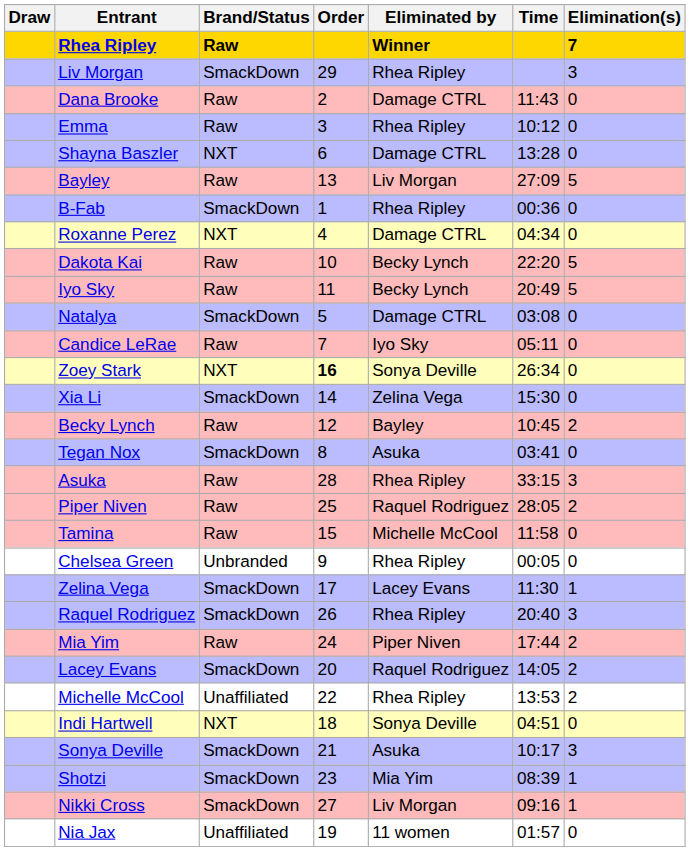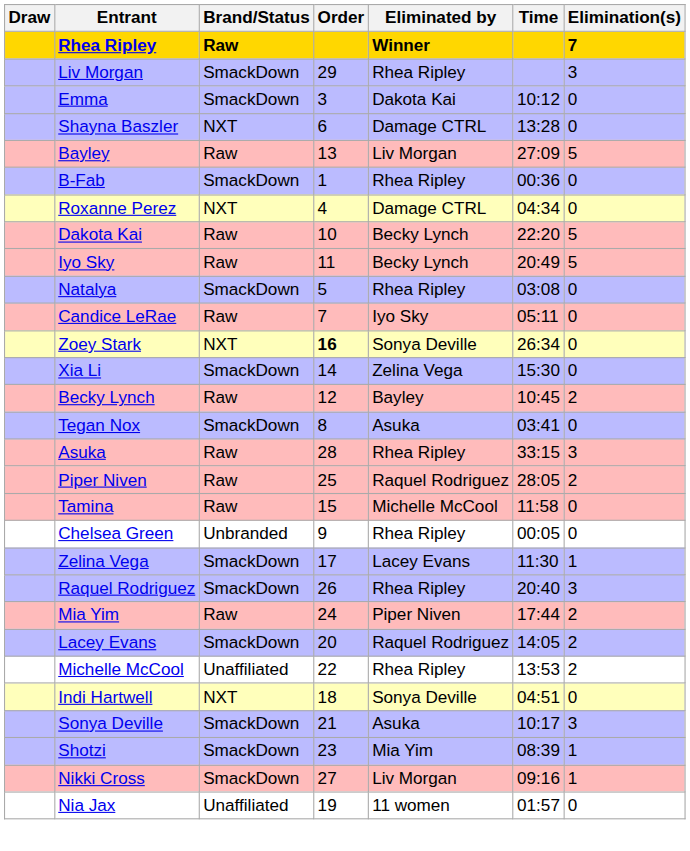 <table class="wikitable sortable">
 <tr>
 <th>Draw</th>
 <th>Entrant</th>
 <th>Brand/Status</th>
 <th>Order</th>
 <th>Eliminated by</th>
 <th>Time</th>
 <th>Elimination(s)</th>
 </tr>
 <tr style="background: gold">
 <td><strong></strong></td>
 <td><strong><a href='#'>Rhea Ripley</a></strong></td>
 <td><strong>Raw</strong></td>
 <td><strong></strong></td>
 <td><strong>Winner</strong></td>
 <td><strong></strong></td>
 <td><strong>7</strong></td>
 </tr>
 <tr style="background: #BBF;">
 <td></td>
 <td><a href='#'>Liv Morgan</a></td>
 <td>SmackDown</td>
 <td>29</td>
 <td>Rhea Ripley</td>
 <td></td>
 <td>3</td>
 </tr>
-<tr style="background: #FBB;">
-<td></td>
-<td><a href='#'>Dana Brooke</a></td>
-<td>Raw</td>
-<td>2</td>
-<td>Damage CTRL</td>
-<td>11:43</td>
-<td>0</td>
-</tr>
 <tr style="background: #BBF;">
 <td></td>
 <td><a href='#'>Emma</a></td>
-<td>Raw</td>
+<td>SmackDown</td>
 <td>3</td>
-<td>Rhea Ripley</td>
+<td>Dakota Kai</td>
 <td>10:12</td>
 <td>0</td>
 </tr>
 <tr style="background: #BBF;">
 <td></td>
 <td><a href='#'>Shayna Baszler</a></td>
 <td>NXT</td>
 <td>6</td>
 <td>Damage CTRL</td>
 <td>13:28</td>
 <td>0</td>
 </tr>
 <tr style="background: #FBB;">
 <td></td>
 <td><a href='#'>Bayley</a></td>
 <td>Raw</td>
 <td>13</td>
 <td>Liv Morgan</td>
 <td>27:09</td>
 <td>5</td>
 </tr>
 <tr style="background: #BBF;">
 <td></td>
 <td><a href='#'>B-Fab</a></td>
 <td>SmackDown</td>
 <td>1</td>
 <td>Rhea Ripley</td>
 <td>00:36</td>
 <td>0</td>
 </tr>
 <tr style="background: #FFB;">
 <td></td>
 <td><a href='#'>Roxanne Perez</a></td>
 <td>NXT</td>
 <td>4</td>
 <td>Damage CTRL</td>
 <td>04:34</td>
 <td>0</td>
 </tr>
 <tr style="background: #FBB;">
 <td></td>
 <td><a href='#'>Dakota Kai</a></td>
 <td>Raw</td>
 <td>10</td>
 <td>Becky Lynch</td>
 <td>22:20</td>
 <td>5</td>
 </tr>
 <tr style="background: #FBB;">
 <td></td>
 <td><a href='#'>Iyo Sky</a></td>
 <td>Raw</td>
 <td>11</td>
 <td>Becky Lynch</td>
 <td>20:49</td>
 <td>5</td>
 </tr>
 <tr style="background: #BBF;">
 <td></td>
 <td><a href='#'>Natalya</a></td>
 <td>SmackDown</td>
 <td>5</td>
-<td>Damage CTRL</td>
+<td>Rhea Ripley</td>
 <td>03:08</td>
 <td>0</td>
 </tr>
 <tr style="background: #FBB;">
 <td></td>
 <td><a href='#'>Candice LeRae</a></td>
 <td>Raw</td>
 <td>7</td>
 <td>Iyo Sky</td>
 <td>05:11</td>
 <td>0</td>
 </tr>
 <tr style="background: #FFB;">
 <td></td>
 <td><a href='#'>Zoey Stark</a></td>
 <td>NXT</td>
 <td><strong>16</strong></td>
 <td>Sonya Deville</td>
 <td>26:34</td>
 <td>0</td>
 </tr>
 <tr style="background: #BBF;">
 <td></td>
 <td><a href='#'>Xia Li</a></td>
 <td>SmackDown</td>
 <td>14</td>
 <td>Zelina Vega</td>
 <td>15:30</td>
 <td>0</td>
 </tr>
 <tr style="background: #FBB;">
 <td></td>
 <td><a href='#'>Becky Lynch</a></td>
 <td>Raw</td>
 <td>12</td>
 <td>Bayley</td>
 <td>10:45</td>
 <td>2</td>
 </tr>
 <tr style="background: #BBF;">
 <td></td>
 <td><a href='#'>Tegan Nox</a></td>
 <td>SmackDown</td>
 <td>8</td>
 <td>Asuka</td>
 <td>03:41</td>
 <td>0</td>
 </tr>
 <tr style="background: #FBB;">
 <td></td>
 <td><a href='#'>Asuka</a></td>
 <td>Raw</td>
 <td>28</td>
 <td>Rhea Ripley</td>
 <td>33:15</td>
 <td>3</td>
 </tr>
 <tr style="background: #FBB;">
 <td></td>
 <td><a href='#'>Piper Niven</a></td>
 <td>Raw</td>
 <td>25</td>
 <td>Raquel Rodriguez</td>
 <td>28:05</td>
 <td>2</td>
 </tr>
 <tr style="background: #FBB;">
 <td></td>
 <td><a href='#'>Tamina</a></td>
 <td>Raw</td>
 <td>15</td>
 <td>Michelle McCool</td>
 <td>11:58</td>
 <td>0</td>
 </tr>
 <tr style="background: #FFF;">
 <td></td>
 <td><a href='#'>Chelsea Green</a></td>
 <td>Unbranded</td>
 <td>9</td>
 <td>Rhea Ripley</td>
 <td>00:05</td>
 <td>0</td>
 </tr>
 <tr style="background: #BBF;">
 <td></td>
 <td><a href='#'>Zelina Vega</a></td>
 <td>SmackDown</td>
 <td>17</td>
 <td>Lacey Evans</td>
 <td>11:30</td>
 <td>1</td>
 </tr>
 <tr style="background: #BBF;">
 <td></td>
 <td><a href='#'>Raquel Rodriguez</a></td>
 <td>SmackDown</td>
 <td>26</td>
 <td>Rhea Ripley</td>
 <td>20:40</td>
 <td>3</td>
 </tr>
 <tr style="background: #FBB;">
 <td></td>
 <td><a href='#'>Mia Yim</a></td>
 <td>Raw</td>
 <td>24</td>
 <td>Piper Niven</td>
 <td>17:44</td>
 <td>2</td>
 </tr>
 <tr style="background: #BBF;">
 <td></td>
 <td><a href='#'>Lacey Evans</a></td>
 <td>SmackDown</td>
 <td>20</td>
 <td>Raquel Rodriguez</td>
 <td>14:05</td>
 <td>2</td>
 </tr>
 <tr style="background: #FFF;">
 <td></td>
 <td><a href='#'>Michelle McCool</a></td>
 <td>Unaffiliated</td>
 <td>22</td>
 <td>Rhea Ripley</td>
 <td>13:53</td>
 <td>2</td>
 </tr>
 <tr style="background: #FFB;">
 <td></td>
 <td><a href='#'>Indi Hartwell</a></td>
 <td>NXT</td>
 <td>18</td>
 <td>Sonya Deville</td>
 <td>04:51</td>
 <td>0</td>
 </tr>
 <tr style="background: #BBF;">
 <td></td>
 <td><a href='#'>Sonya Deville</a></td>
 <td>SmackDown</td>
 <td>21</td>
 <td>Asuka</td>
 <td>10:17</td>
 <td>3</td>
 </tr>
 <tr style="background: #BBF;">
 <td></td>
 <td><a href='#'>Shotzi</a></td>
 <td>SmackDown</td>
 <td>23</td>
 <td>Mia Yim</td>
 <td>08:39</td>
 <td>1</td>
 </tr>
 <tr style="background: #FBB;">
 <td></td>
 <td><a href='#'>Nikki Cross</a></td>
 <td>SmackDown</td>
 <td>27</td>
 <td>Liv Morgan</td>
 <td>09:16</td>
 <td>1</td>
 </tr>
 <tr style="background: #FFF">
 <td></td>
 <td><a href='#'>Nia Jax</a></td>
 <td>Unaffiliated</td>
 <td>19</td>
 <td>11 women</td>
 <td>01:57</td>
 <td>0</td>
 </tr>
 </table>
